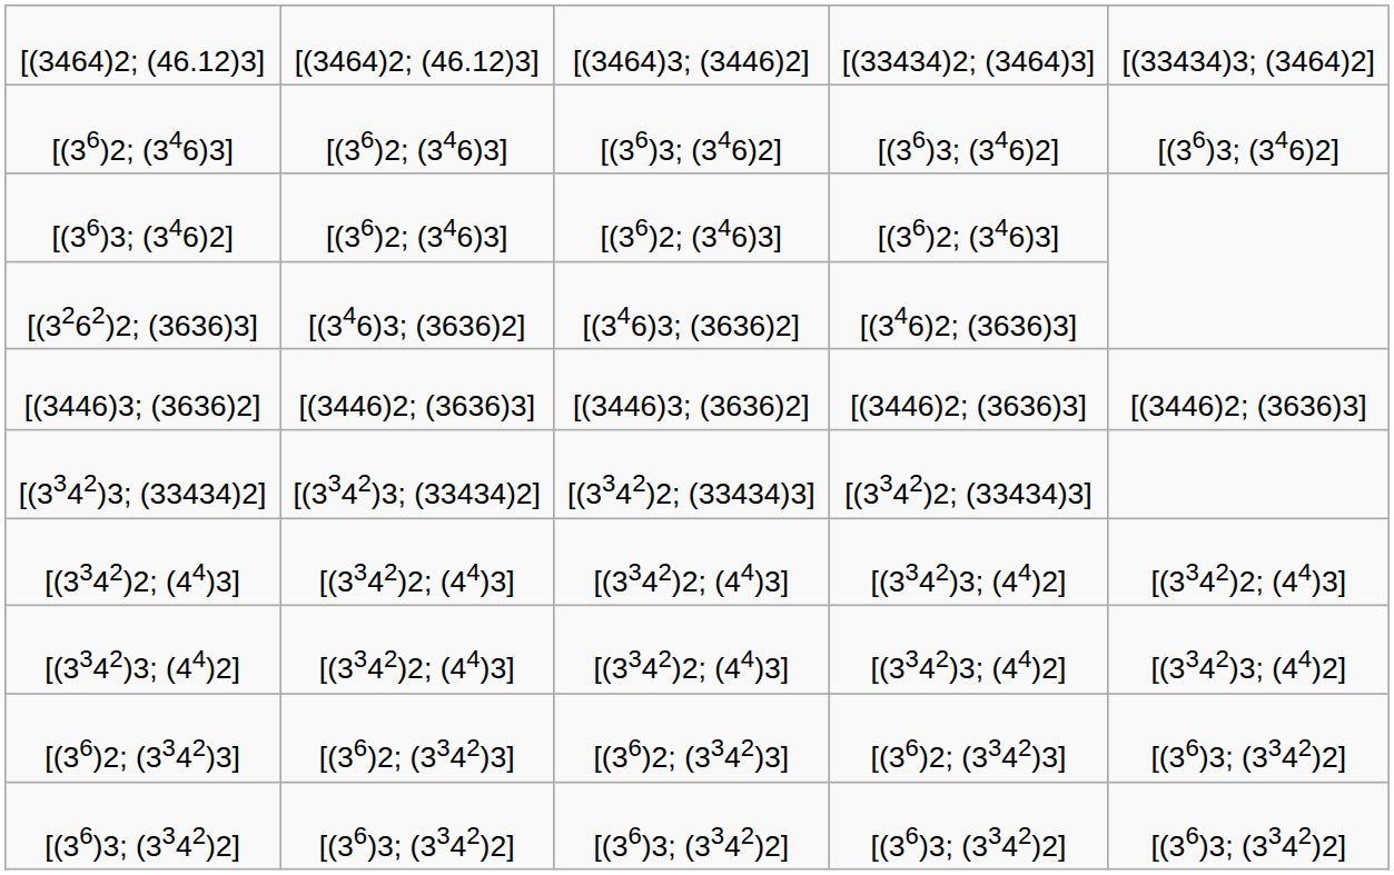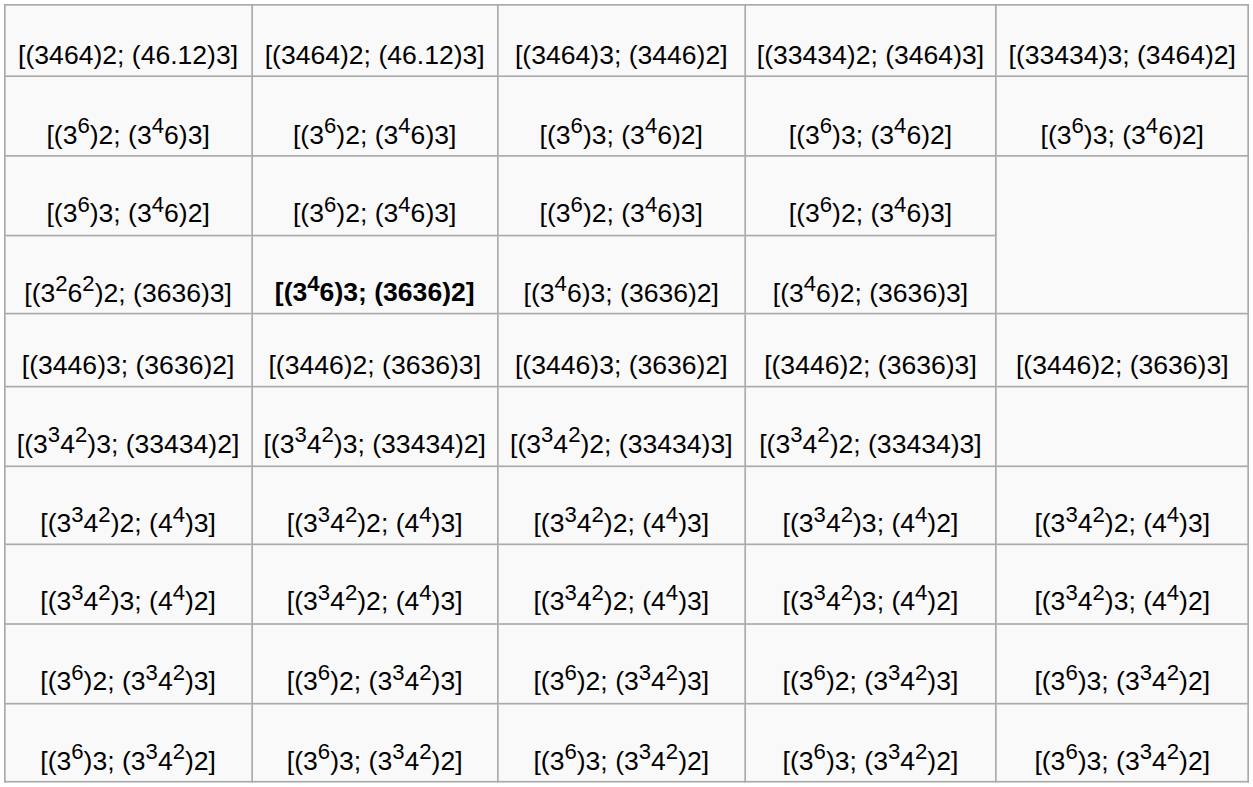 <table class=wikitable width=750>
 <tr align=center>
 <td><br>[(3464)2; (46.12)3]</td>
 <td><br>[(3464)2; (46.12)3]</td>
 <td><br>[(3464)3; (3446)2]</td>
 <td><br>[(33434)2; (3464)3]</td>
 <td><br>[(33434)3; (3464)2]</td>
 </tr>
 <tr align=center>
 <td><br>[(3<sup>6</sup>)2; (3<sup>4</sup>6)3]</td>
 <td><br>[(3<sup>6</sup>)2; (3<sup>4</sup>6)3]</td>
 <td><br>[(3<sup>6</sup>)3; (3<sup>4</sup>6)2]</td>
 <td><br>[(3<sup>6</sup>)3; (3<sup>4</sup>6)2]</td>
 <td><br>[(3<sup>6</sup>)3; (3<sup>4</sup>6)2]</td>
 </tr>
 <tr align=center>
 <td><br>[(3<sup>6</sup>)3; (3<sup>4</sup>6)2]</td>
 <td><br>[(3<sup>6</sup>)2; (3<sup>4</sup>6)3]</td>
 <td><br>[(3<sup>6</sup>)2; (3<sup>4</sup>6)3]</td>
 <td><br>[(3<sup>6</sup>)2; (3<sup>4</sup>6)3]</td>
 </tr>
 <tr align=center>
 <td><br>[(3<sup>2</sup>6<sup>2</sup>)2; (3636)3]</td>
-<td><br>[(3<sup>4</sup>6)3; (3636)2]</td>
+<td><strong><br>[(3<sup>4</sup>6)3; (3636)2]</strong></td>
 <td><br>[(3<sup>4</sup>6)3; (3636)2]</td>
 <td><br>[(3<sup>4</sup>6)2; (3636)3]</td>
 </tr>
 <tr align=center>
 <td><br>[(3446)3; (3636)2]</td>
 <td><br>[(3446)2; (3636)3]</td>
 <td><br>[(3446)3; (3636)2]</td>
 <td><br>[(3446)2; (3636)3]</td>
 <td><br>[(3446)2; (3636)3]</td>
 </tr>
 <tr align=center>
 <td><br>[(3<sup>3</sup>4<sup>2</sup>)3; (33434)2]</td>
 <td><br>[(3<sup>3</sup>4<sup>2</sup>)3; (33434)2]</td>
 <td><br>[(3<sup>3</sup>4<sup>2</sup>)2; (33434)3]</td>
 <td><br>[(3<sup>3</sup>4<sup>2</sup>)2; (33434)3]</td>
 </tr>
 <tr align=center>
 <td><br>[(3<sup>3</sup>4<sup>2</sup>)2; (4<sup>4</sup>)3]</td>
 <td><br>[(3<sup>3</sup>4<sup>2</sup>)2; (4<sup>4</sup>)3]</td>
 <td><br>[(3<sup>3</sup>4<sup>2</sup>)2; (4<sup>4</sup>)3]</td>
 <td><br>[(3<sup>3</sup>4<sup>2</sup>)3; (4<sup>4</sup>)2]</td>
 <td><br>[(3<sup>3</sup>4<sup>2</sup>)2; (4<sup>4</sup>)3]</td>
 </tr>
 <tr align=center>
 <td><br>[(3<sup>3</sup>4<sup>2</sup>)3; (4<sup>4</sup>)2]</td>
 <td><br>[(3<sup>3</sup>4<sup>2</sup>)2; (4<sup>4</sup>)3]</td>
 <td><br>[(3<sup>3</sup>4<sup>2</sup>)2; (4<sup>4</sup>)3]</td>
 <td><br>[(3<sup>3</sup>4<sup>2</sup>)3; (4<sup>4</sup>)2]</td>
 <td><br>[(3<sup>3</sup>4<sup>2</sup>)3; (4<sup>4</sup>)2]</td>
 </tr>
 <tr align=center>
 <td><br>[(3<sup>6</sup>)2; (3<sup>3</sup>4<sup>2</sup>)3]</td>
 <td><br>[(3<sup>6</sup>)2; (3<sup>3</sup>4<sup>2</sup>)3]</td>
 <td><br>[(3<sup>6</sup>)2; (3<sup>3</sup>4<sup>2</sup>)3]</td>
 <td><br>[(3<sup>6</sup>)2; (3<sup>3</sup>4<sup>2</sup>)3]</td>
 <td><br>[(3<sup>6</sup>)3; (3<sup>3</sup>4<sup>2</sup>)2]</td>
 </tr>
 <tr align=center>
 <td><br>[(3<sup>6</sup>)3; (3<sup>3</sup>4<sup>2</sup>)2]</td>
 <td><br>[(3<sup>6</sup>)3; (3<sup>3</sup>4<sup>2</sup>)2]</td>
 <td><br>[(3<sup>6</sup>)3; (3<sup>3</sup>4<sup>2</sup>)2]</td>
 <td><br>[(3<sup>6</sup>)3; (3<sup>3</sup>4<sup>2</sup>)2]</td>
 <td><br>[(3<sup>6</sup>)3; (3<sup>3</sup>4<sup>2</sup>)2]</td>
 </tr>
 </table>
